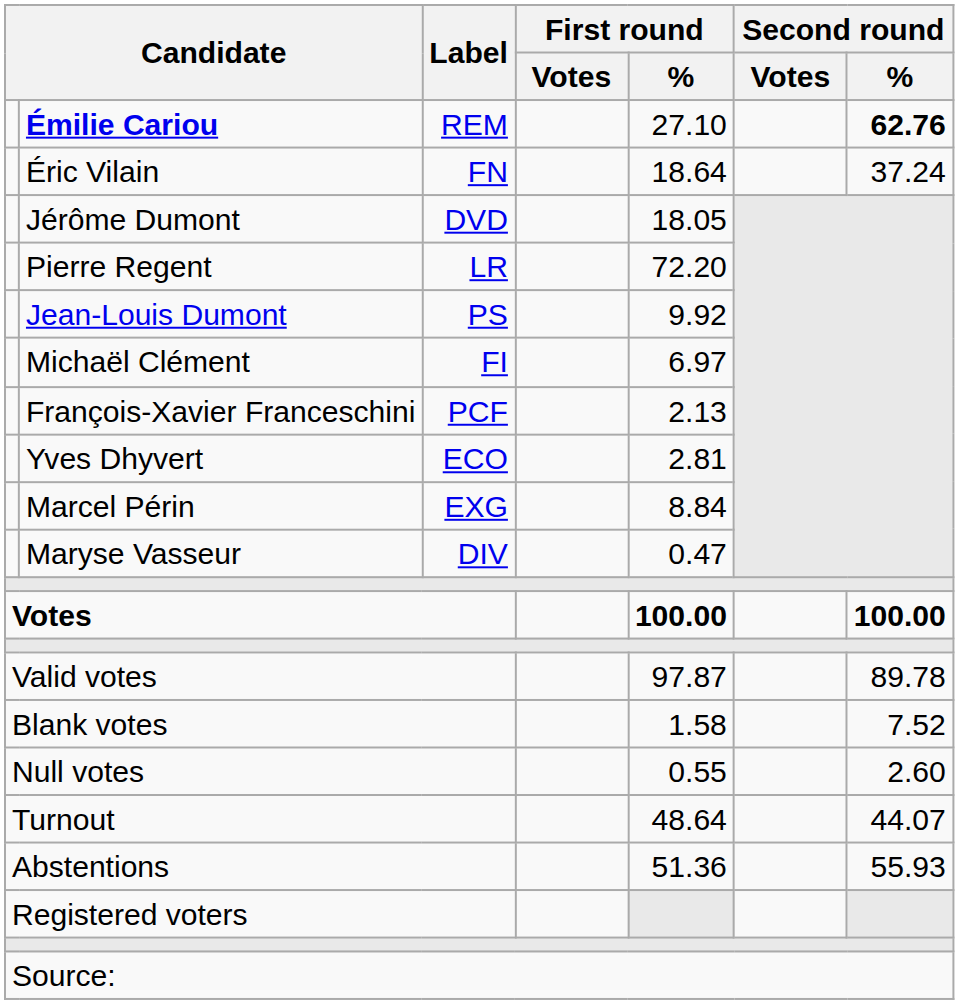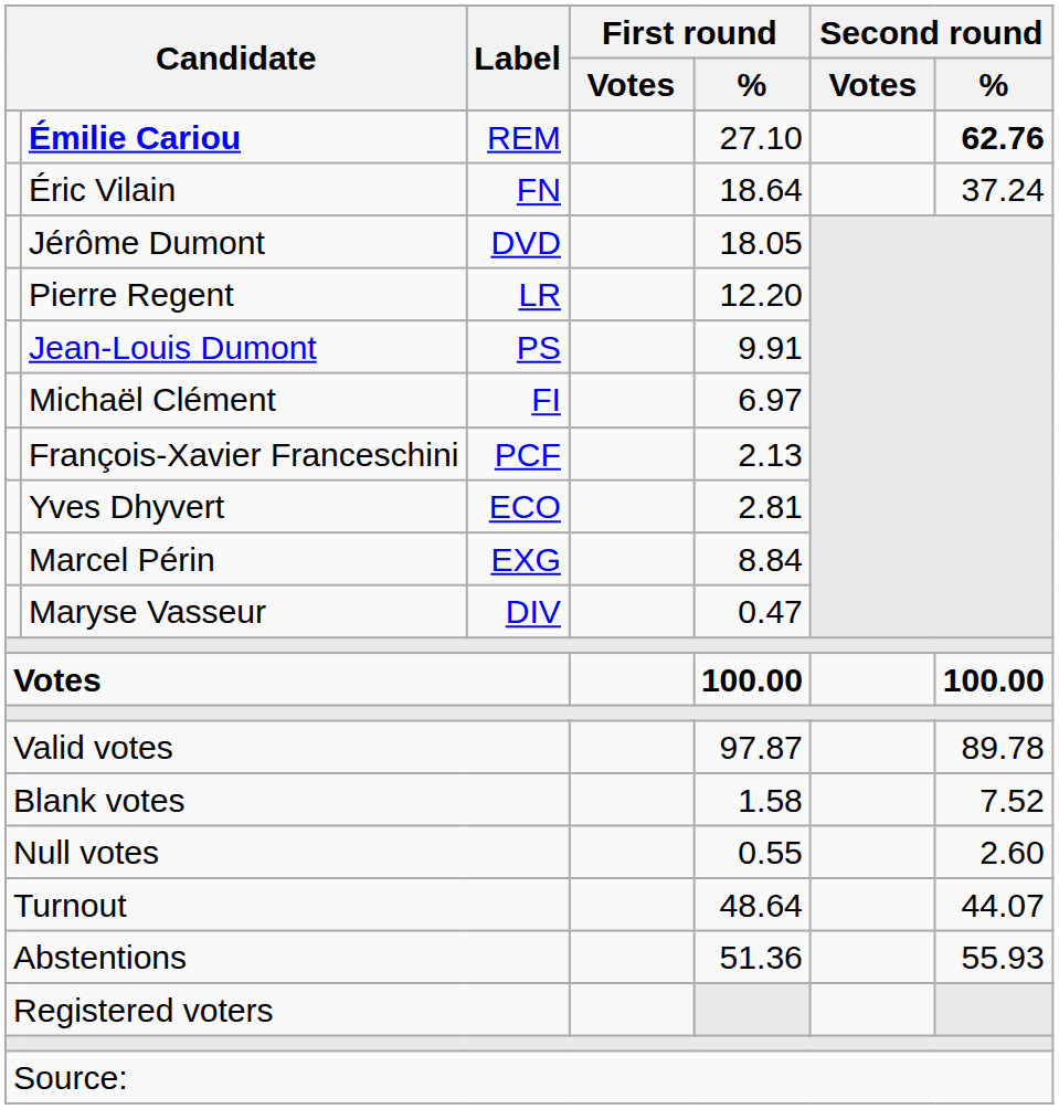 <table class="wikitable" style="text-align:right;font-size:95%;">
 <tr>
 <th rowspan="2" colspan="2">Candidate</th>
 <th rowspan="2">Label</th>
 <th colspan="2">First round</th>
 <th colspan="2">Second round</th>
 </tr>
 <tr>
 <th style="width:50px;">Votes</th>
 <th style="width:45px;">%</th>
 <th style="width:50px;">Votes</th>
 <th style="width:45px;">%</th>
 </tr>
 <tr>
 <td style="color:inherit;background:"></td>
 <td style="text-align:left;"><strong><a href='#'>Émilie Cariou</a></strong></td>
 <td><a href='#'>REM</a></td>
 <td></td>
 <td>27.10</td>
 <td><strong></strong></td>
 <td><strong>62.76</strong></td>
 </tr>
 <tr>
 <td style="color:inherit;background:"></td>
 <td style="text-align:left;">Éric Vilain</td>
 <td><a href='#'>FN</a></td>
 <td></td>
 <td>18.64</td>
 <td></td>
 <td>37.24</td>
 </tr>
 <tr>
 <td style="color:inherit;background:"></td>
 <td style="text-align:left;">Jérôme Dumont</td>
 <td><a href='#'>DVD</a></td>
 <td></td>
 <td>18.05</td>
 <td colspan="2" rowspan="8" style="background:#E9E9E9;"></td>
 </tr>
 <tr>
 <td style="color:inherit;background:"></td>
 <td style="text-align:left;">Pierre Regent</td>
 <td><a href='#'>LR</a></td>
 <td></td>
-<td>72.20</td>
+<td>12.20</td>
 </tr>
 <tr>
 <td style="color:inherit;background:"></td>
 <td style="text-align:left;"><a href='#'>Jean-Louis Dumont</a></td>
 <td><a href='#'>PS</a></td>
 <td></td>
-<td>9.92</td>
+<td>9.91</td>
 </tr>
 <tr>
 <td style="color:inherit;background:"></td>
 <td style="text-align:left;">Michaël Clément</td>
 <td><a href='#'>FI</a></td>
 <td></td>
 <td>6.97</td>
 </tr>
 <tr>
 <td style="color:inherit;background:"></td>
 <td style="text-align:left;">François-Xavier Franceschini</td>
 <td><a href='#'>PCF</a></td>
 <td></td>
 <td>2.13</td>
 </tr>
 <tr>
 <td style="color:inherit;background:"></td>
 <td style="text-align:left;">Yves Dhyvert</td>
 <td><a href='#'>ECO</a></td>
 <td></td>
 <td>2.81</td>
 </tr>
 <tr>
 <td style="color:inherit;background:"></td>
 <td style="text-align:left;">Marcel Périn</td>
 <td><a href='#'>EXG</a></td>
 <td></td>
 <td>8.84</td>
 </tr>
 <tr>
 <td style="color:inherit;background:"></td>
 <td style="text-align:left;">Maryse Vasseur</td>
 <td><a href='#'>DIV</a></td>
 <td></td>
 <td>0.47</td>
 </tr>
 <tr>
 <td colspan="7" style="background:#E9E9E9;"></td>
 </tr>
 <tr style="font-weight:bold;">
 <td colspan="3" style="text-align:left;">Votes</td>
 <td></td>
 <td>100.00</td>
 <td></td>
 <td>100.00</td>
 </tr>
 <tr>
 <td colspan="7" style="background:#E9E9E9;"></td>
 </tr>
 <tr>
 <td colspan="3" style="text-align:left;">Valid votes</td>
 <td></td>
 <td>97.87</td>
 <td></td>
 <td>89.78</td>
 </tr>
 <tr>
 <td colspan="3" style="text-align:left;">Blank votes</td>
 <td></td>
 <td>1.58</td>
 <td></td>
 <td>7.52</td>
 </tr>
 <tr>
 <td colspan="3" style="text-align:left;">Null votes</td>
 <td></td>
 <td>0.55</td>
 <td></td>
 <td>2.60</td>
 </tr>
 <tr>
 <td colspan="3" style="text-align:left;">Turnout</td>
 <td></td>
 <td>48.64</td>
 <td></td>
 <td>44.07</td>
 </tr>
 <tr>
 <td colspan="3" style="text-align:left;">Abstentions</td>
 <td></td>
 <td>51.36</td>
 <td></td>
 <td>55.93</td>
 </tr>
 <tr>
 <td colspan="3" style="text-align:left;">Registered voters</td>
 <td></td>
 <td style="background:#E9E9E9;"></td>
 <td></td>
 <td style="background:#E9E9E9;"></td>
 </tr>
 <tr>
 <td colspan="7" style="background:#E9E9E9;"></td>
 </tr>
 <tr>
 <td colspan="7" style="text-align:left;">Source: </td>
 </tr>
 </table>
